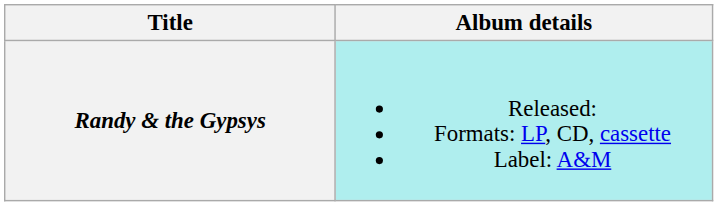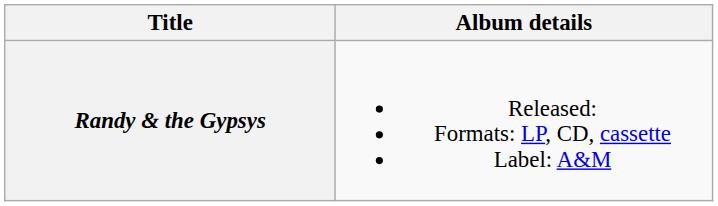 <table class="wikitable plainrowheaders" style="text-align:center;">
 <tr>
 <th scope="col" style="width:14em;">Title</th>
 <th scope="col" style="width:16em;">Album details</th>
 </tr>
 <tr>
 <th scope="row"><em>Randy & the Gypsys</em></th>
-<td style="background: paleturquoise;"><br><ul><li>Released: </li><li>Formats: <a href='#'>LP</a>, CD, <a href='#'>cassette</a></li><li>Label: <a href='#'>A&M</a></li></ul></td>
+<td><br><ul><li>Released: </li><li>Formats: <a href='#'>LP</a>, CD, <a href='#'>cassette</a></li><li>Label: <a href='#'>A&M</a></li></ul></td>
 </tr>
 </table>
